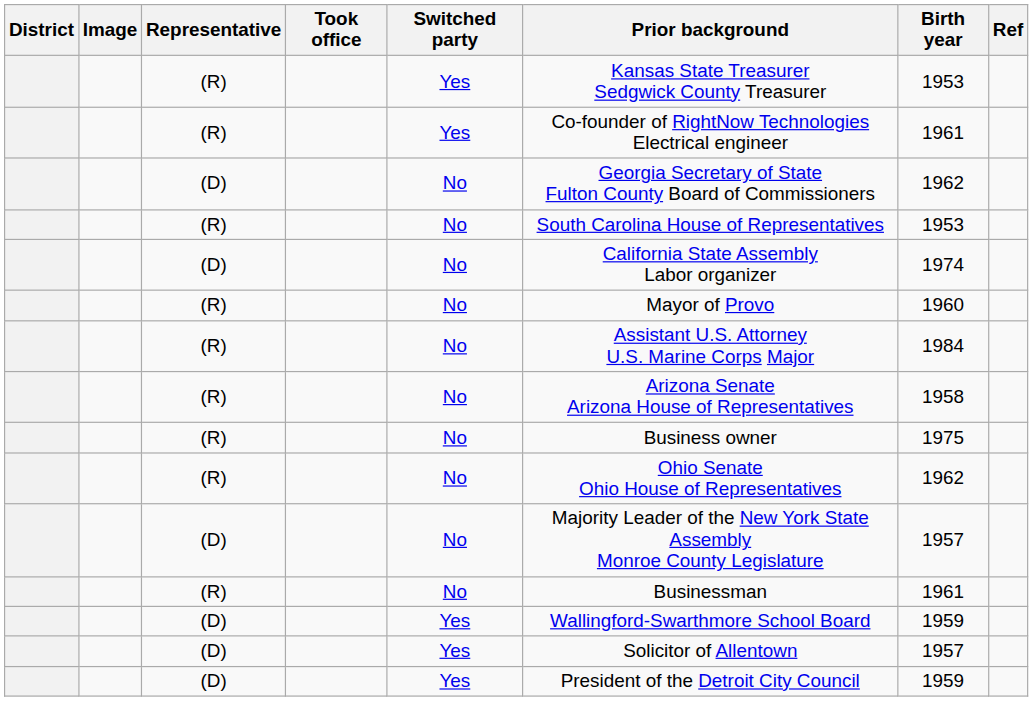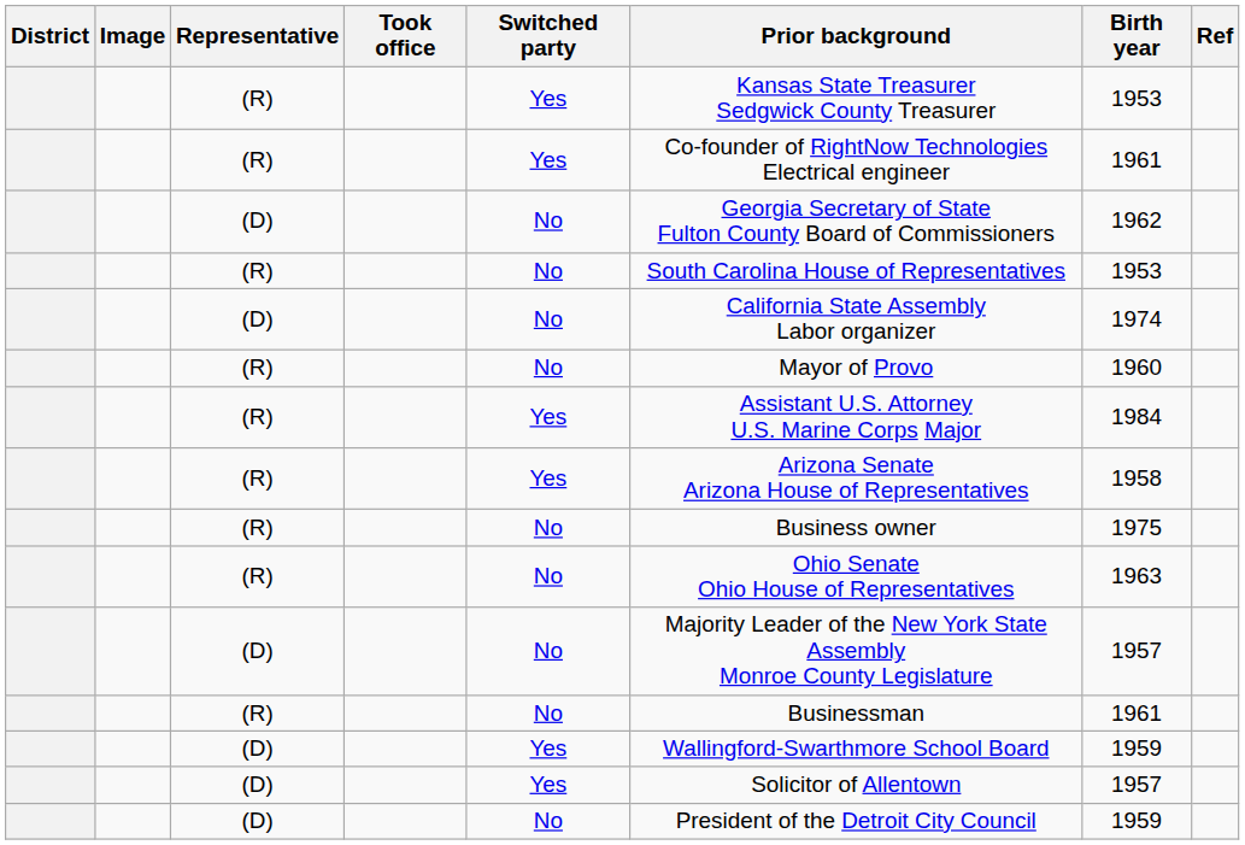 <table class="sortable wikitable" style="text-align:center">
 <tr>
 <th>District</th>
 <th>Image</th>
 <th>Representative</th>
 <th>Took office</th>
 <th>Switched party</th>
 <th>Prior background</th>
 <th>Birth year</th>
 <th>Ref</th>
 </tr>
 <tr>
 <th></th>
 <td></td>
 <td> (R)</td>
 <td></td>
 <td><a href='#'>Yes</a><br></td>
 <td><a href='#'>Kansas State Treasurer</a><br><a href='#'>Sedgwick County</a> Treasurer</td>
 <td>1953</td>
 <td></td>
 </tr>
 <tr>
 <th></th>
 <td></td>
 <td> (R)</td>
 <td></td>
 <td><a href='#'>Yes</a><br></td>
 <td>Co-founder of <a href='#'>RightNow Technologies</a><br>Electrical engineer</td>
 <td>1961</td>
 <td></td>
 </tr>
 <tr>
 <th></th>
 <td></td>
 <td> (D)</td>
 <td></td>
 <td><a href='#'>No</a><br></td>
 <td><a href='#'>Georgia Secretary of State</a><br><a href='#'>Fulton County</a> Board of Commissioners</td>
 <td>1962</td>
 <td></td>
 </tr>
 <tr>
 <th></th>
 <td></td>
 <td> (R)</td>
 <td></td>
 <td><a href='#'>No</a><br></td>
 <td><a href='#'>South Carolina House of Representatives</a></td>
 <td>1953</td>
 <td></td>
 </tr>
 <tr>
 <th></th>
 <td></td>
 <td> (D)</td>
 <td></td>
 <td><a href='#'>No</a><br></td>
 <td><a href='#'>California State Assembly</a><br>Labor organizer</td>
 <td>1974</td>
 <td></td>
 </tr>
 <tr>
 <th></th>
 <td></td>
 <td> (R)</td>
 <td></td>
 <td><a href='#'>No</a><br></td>
 <td>Mayor of <a href='#'>Provo</a></td>
 <td>1960</td>
 <td></td>
 </tr>
 <tr>
 <th></th>
 <td></td>
 <td> (R)</td>
 <td></td>
-<td><a href='#'>No</a><br></td>
+<td><a href='#'>Yes</a><br></td>
 <td><a href='#'>Assistant U.S. Attorney</a><br><a href='#'>U.S. Marine Corps</a> <a href='#'>Major</a></td>
 <td>1984</td>
 <td></td>
 </tr>
 <tr>
 <th></th>
 <td></td>
 <td> (R)</td>
 <td></td>
-<td><a href='#'>No</a><br></td>
+<td><a href='#'>Yes</a><br></td>
 <td><a href='#'>Arizona Senate</a><br><a href='#'>Arizona House of Representatives</a></td>
 <td>1958</td>
 <td></td>
 </tr>
 <tr>
 <th></th>
 <td></td>
 <td> (R)</td>
 <td></td>
 <td><a href='#'>No</a><br></td>
 <td>Business owner</td>
 <td>1975</td>
 <td></td>
 </tr>
 <tr>
 <th></th>
 <td></td>
 <td> (R)</td>
 <td></td>
 <td><a href='#'>No</a><br></td>
 <td><a href='#'>Ohio Senate</a><br><a href='#'>Ohio House of Representatives</a></td>
-<td>1962</td>
+<td>1963</td>
 <td></td>
 </tr>
 <tr>
 <th></th>
 <td></td>
 <td> (D)</td>
 <td></td>
 <td><a href='#'>No</a><br></td>
 <td>Majority Leader of the <a href='#'>New York State Assembly</a><br><a href='#'>Monroe County Legislature</a></td>
 <td>1957</td>
 <td></td>
 </tr>
 <tr>
 <th></th>
 <td></td>
 <td> (R)</td>
 <td></td>
 <td><a href='#'>No</a><br></td>
 <td>Businessman</td>
 <td>1961</td>
 <td></td>
 </tr>
 <tr>
 <th></th>
 <td></td>
 <td> (D)</td>
 <td></td>
 <td><a href='#'>Yes</a><br></td>
 <td><a href='#'>Wallingford-Swarthmore School Board</a></td>
 <td>1959</td>
 <td></td>
 </tr>
 <tr>
 <th></th>
 <td></td>
 <td> (D)</td>
 <td></td>
 <td><a href='#'>Yes</a><br></td>
 <td>Solicitor of <a href='#'>Allentown</a></td>
 <td>1957</td>
 <td></td>
 </tr>
 <tr>
 <th></th>
 <td></td>
 <td> (D)</td>
 <td></td>
-<td><a href='#'>Yes</a><br></td>
+<td><a href='#'>No</a><br></td>
 <td>President of the <a href='#'>Detroit City Council</a></td>
 <td>1959</td>
 <td></td>
 </tr>
 </table>
